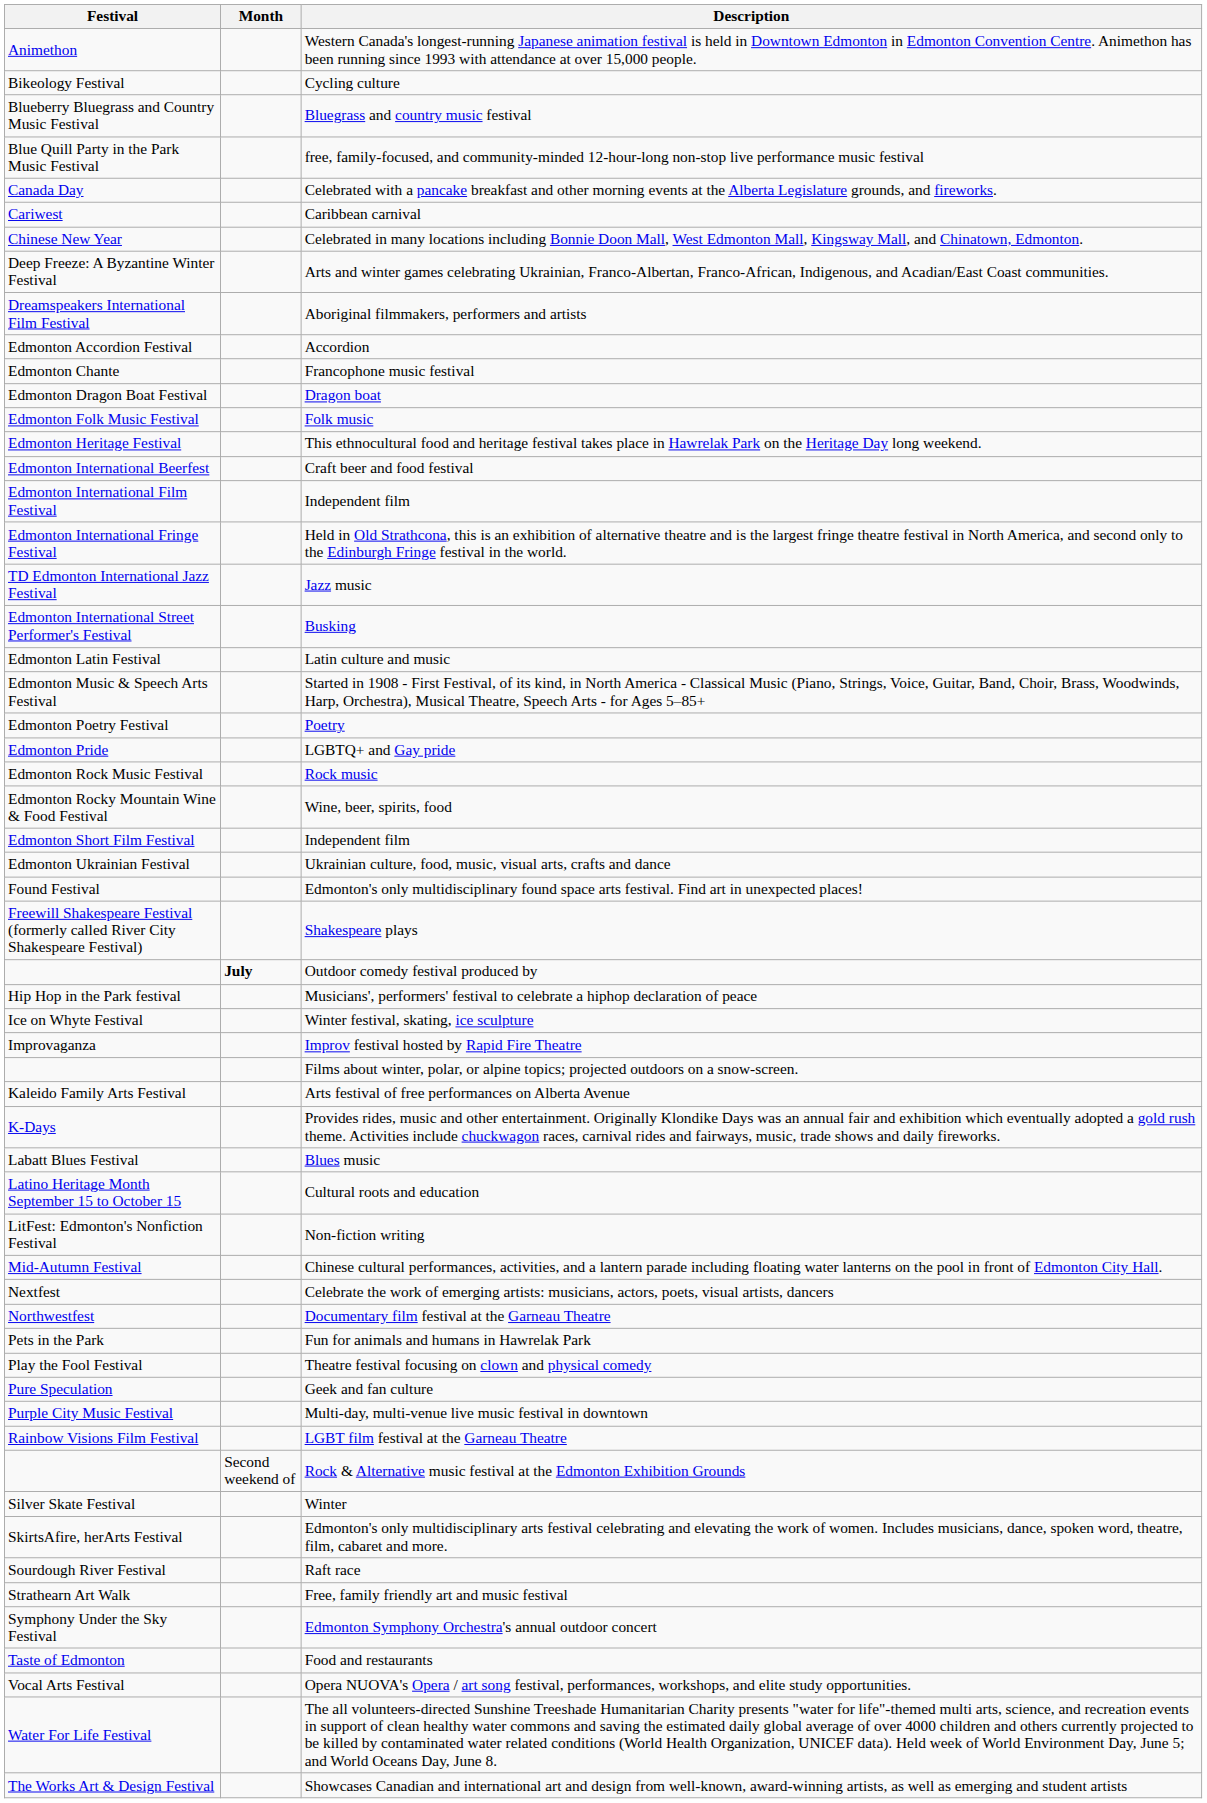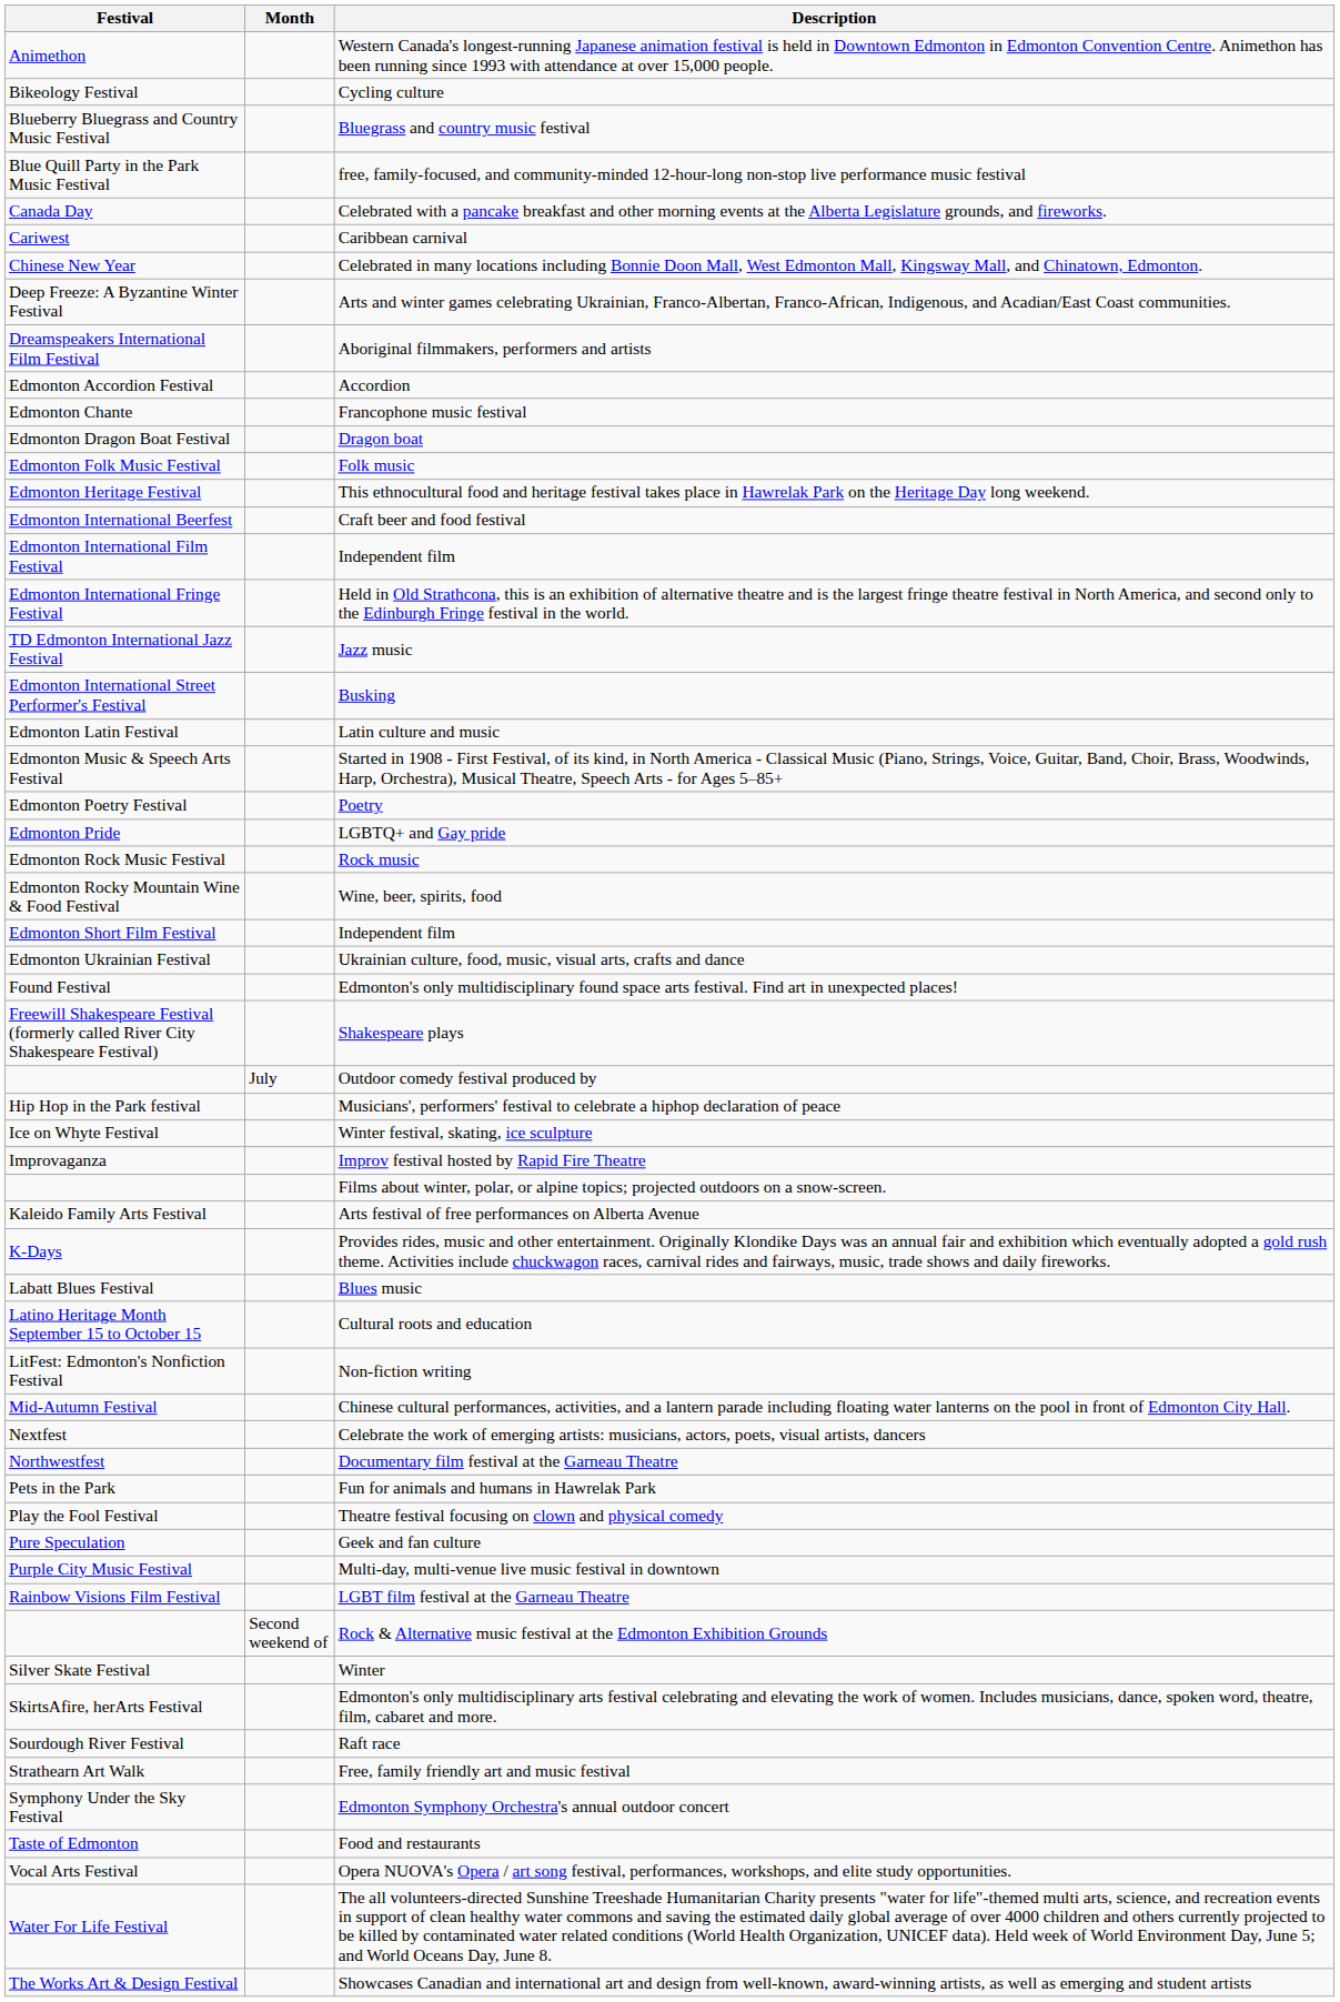 <table class="wikitable sortable">
 <tr>
 <th>Festival</th>
 <th>Month</th>
 <th>Description</th>
 </tr>
 <tr>
 <td><a href='#'>Animethon</a></td>
 <td></td>
 <td>Western Canada's longest-running <a href='#'>Japanese animation festival</a> is held in <a href='#'>Downtown Edmonton</a> in <a href='#'>Edmonton Convention Centre</a>. Animethon has been running since 1993 with attendance at over 15,000 people.</td>
 </tr>
 <tr>
 <td>Bikeology Festival</td>
 <td></td>
 <td>Cycling culture</td>
 </tr>
 <tr>
 <td>Blueberry Bluegrass and Country Music Festival</td>
 <td></td>
 <td><a href='#'>Bluegrass</a> and <a href='#'>country music</a> festival</td>
 </tr>
 <tr>
 <td>Blue Quill Party in the Park Music Festival</td>
 <td></td>
 <td>free, family-focused, and community-minded 12-hour-long non-stop live performance music festival</td>
 </tr>
 <tr>
 <td><a href='#'>Canada Day</a></td>
 <td></td>
 <td>Celebrated with a <a href='#'>pancake</a> breakfast and other morning events at the <a href='#'>Alberta Legislature</a> grounds, and <a href='#'>fireworks</a>.</td>
 </tr>
 <tr>
 <td><a href='#'>Cariwest</a></td>
 <td></td>
 <td>Caribbean carnival</td>
 </tr>
 <tr>
 <td><a href='#'>Chinese New Year</a></td>
 <td></td>
 <td>Celebrated in many locations including <a href='#'>Bonnie Doon Mall</a>, <a href='#'>West Edmonton Mall</a>, <a href='#'>Kingsway Mall</a>, and <a href='#'>Chinatown, Edmonton</a>.</td>
 </tr>
 <tr>
 <td>Deep Freeze: A Byzantine Winter Festival</td>
 <td></td>
 <td>Arts and winter games celebrating Ukrainian, Franco-Albertan, Franco-African, Indigenous, and Acadian/East Coast communities.</td>
 </tr>
 <tr>
 <td><a href='#'>Dreamspeakers International Film Festival</a></td>
 <td></td>
 <td>Aboriginal filmmakers, performers and artists</td>
 </tr>
 <tr JULY- 16th DANCING IN THE PARK>
 <td>Edmonton Accordion Festival</td>
 <td></td>
 <td>Accordion</td>
 </tr>
 <tr>
 <td>Edmonton Chante</td>
 <td></td>
 <td>Francophone music festival</td>
 </tr>
 <tr>
 <td>Edmonton Dragon Boat Festival</td>
 <td></td>
 <td><a href='#'>Dragon boat</a></td>
 </tr>
 <tr>
 <td><a href='#'>Edmonton Folk Music Festival</a></td>
 <td></td>
 <td><a href='#'>Folk music</a></td>
 </tr>
 <tr>
 <td><a href='#'>Edmonton Heritage Festival</a></td>
 <td></td>
 <td>This ethnocultural food and heritage festival takes place in <a href='#'>Hawrelak Park</a> on the <a href='#'>Heritage Day</a> long weekend.</td>
 </tr>
 <tr>
 <td><a href='#'>Edmonton International Beerfest</a></td>
 <td></td>
 <td>Craft beer and food festival</td>
 </tr>
 <tr>
 <td><a href='#'>Edmonton International Film Festival</a></td>
 <td></td>
 <td>Independent film</td>
 </tr>
 <tr>
 <td><a href='#'>Edmonton International Fringe Festival</a></td>
 <td></td>
 <td>Held in <a href='#'>Old Strathcona</a>, this is an exhibition of alternative theatre and is the largest fringe theatre festival in North America, and second only to the <a href='#'>Edinburgh Fringe</a> festival in the world.</td>
 </tr>
 <tr>
 <td><a href='#'>TD Edmonton International Jazz Festival</a></td>
 <td></td>
 <td><a href='#'>Jazz</a> music</td>
 </tr>
 <tr>
 <td><a href='#'>Edmonton International Street Performer's Festival</a></td>
 <td></td>
 <td><a href='#'>Busking</a></td>
 </tr>
 <tr>
 <td>Edmonton Latin Festival</td>
 <td></td>
 <td>Latin culture and music</td>
 </tr>
 <tr>
 <td>Edmonton Music & Speech Arts Festival</td>
 <td></td>
 <td>Started in 1908 - First Festival, of its kind, in North America - Classical Music (Piano, Strings, Voice, Guitar, Band, Choir, Brass, Woodwinds, Harp, Orchestra), Musical Theatre, Speech Arts - for Ages 5–85+</td>
 </tr>
 <tr>
 <td>Edmonton Poetry Festival</td>
 <td></td>
 <td><a href='#'>Poetry</a></td>
 </tr>
 <tr>
 <td><a href='#'>Edmonton Pride</a></td>
 <td></td>
 <td>LGBTQ+ and <a href='#'>Gay pride</a></td>
 </tr>
 <tr>
 <td>Edmonton Rock Music Festival</td>
 <td></td>
 <td><a href='#'>Rock music</a></td>
 </tr>
 <tr>
 <td>Edmonton Rocky Mountain Wine & Food Festival</td>
 <td></td>
 <td>Wine, beer, spirits, food</td>
 </tr>
 <tr>
 <td><a href='#'>Edmonton Short Film Festival</a></td>
 <td></td>
 <td>Independent film</td>
 </tr>
 <tr>
 <td>Edmonton Ukrainian Festival</td>
 <td></td>
 <td>Ukrainian culture, food, music, visual arts, crafts and dance</td>
 </tr>
 <tr>
 <td>Found Festival</td>
 <td></td>
 <td>Edmonton's only multidisciplinary found space arts festival. Find art in unexpected places!</td>
 </tr>
 <tr>
 <td><a href='#'>Freewill Shakespeare Festival</a> (formerly called River City Shakespeare Festival)</td>
 <td></td>
 <td><a href='#'>Shakespeare</a> plays</td>
 </tr>
 <tr>
 <td></td>
-<td><strong>July</strong></td>
+<td>July</td>
 <td>Outdoor comedy festival produced by </td>
 </tr>
 <tr>
 <td>Hip Hop in the Park festival</td>
 <td></td>
 <td>Musicians', performers' festival to celebrate a hiphop declaration of peace</td>
 </tr>
 <tr>
 <td>Ice on Whyte Festival</td>
 <td></td>
 <td>Winter festival, skating, <a href='#'>ice sculpture</a></td>
 </tr>
 <tr>
 <td>Improvaganza</td>
 <td></td>
 <td><a href='#'>Improv</a> festival hosted by <a href='#'>Rapid Fire Theatre</a></td>
 </tr>
 <tr>
 <td></td>
 <td></td>
 <td>Films about winter, polar, or alpine topics; projected outdoors on a snow-screen.</td>
 </tr>
 <tr>
 <td>Kaleido Family Arts Festival</td>
 <td></td>
 <td>Arts festival of free performances on Alberta Avenue</td>
 </tr>
 <tr>
 <td><a href='#'>K-Days</a></td>
 <td></td>
 <td>Provides rides, music and other entertainment. Originally Klondike Days was an annual fair and exhibition which eventually adopted a <a href='#'>gold rush</a> theme. Activities include <a href='#'>chuckwagon</a> races, carnival rides and fairways, music, trade shows and daily fireworks.</td>
 </tr>
 <tr>
 <td>Labatt Blues Festival</td>
 <td></td>
 <td><a href='#'>Blues</a> music</td>
 </tr>
 <tr>
 <td><a href='#'>Latino Heritage Month September 15 to October 15</a></td>
 <td></td>
 <td>Cultural roots and education</td>
 </tr>
 <tr>
 <td>LitFest: Edmonton's Nonfiction Festival</td>
 <td></td>
 <td>Non-fiction writing</td>
 </tr>
 <tr>
 <td><a href='#'>Mid-Autumn Festival</a></td>
 <td></td>
 <td>Chinese cultural performances, activities, and a lantern parade including floating water lanterns on the pool in front of <a href='#'>Edmonton City Hall</a>.</td>
 </tr>
 <tr>
 <td>Nextfest</td>
 <td></td>
 <td>Celebrate the work of emerging artists:  musicians, actors, poets, visual artists, dancers</td>
 </tr>
 <tr>
 <td><a href='#'>Northwestfest</a></td>
 <td></td>
 <td><a href='#'>Documentary film</a> festival at the <a href='#'>Garneau Theatre</a></td>
 </tr>
 <tr>
 <td>Pets in the Park</td>
 <td></td>
 <td>Fun for animals and humans in Hawrelak Park</td>
 </tr>
 <tr>
 <td>Play the Fool Festival</td>
 <td></td>
 <td>Theatre festival focusing on <a href='#'>clown</a> and <a href='#'>physical comedy</a></td>
 </tr>
 <tr>
 <td><a href='#'>Pure Speculation</a></td>
 <td></td>
 <td>Geek and fan culture</td>
 </tr>
 <tr>
 <td><a href='#'>Purple City Music Festival</a></td>
 <td></td>
 <td>Multi-day, multi-venue live music festival in downtown</td>
 </tr>
 <tr>
 <td><a href='#'>Rainbow Visions Film Festival</a></td>
 <td></td>
 <td><a href='#'>LGBT film</a> festival at the <a href='#'>Garneau Theatre</a></td>
 </tr>
 <tr>
 <td></td>
 <td>Second weekend of </td>
 <td><a href='#'>Rock</a> & <a href='#'>Alternative</a> music festival at the <a href='#'>Edmonton Exhibition Grounds</a></td>
 </tr>
 <tr>
 <td>Silver Skate Festival</td>
 <td></td>
 <td>Winter</td>
 </tr>
 <tr>
 <td>SkirtsAfire, herArts Festival</td>
 <td></td>
 <td>Edmonton's only multidisciplinary arts festival celebrating and elevating the work of women. Includes musicians, dance, spoken word, theatre, film, cabaret and more.</td>
 </tr>
 <tr>
 <td>Sourdough River Festival</td>
 <td></td>
 <td>Raft race</td>
 </tr>
 <tr>
 <td>Strathearn Art Walk</td>
 <td></td>
 <td>Free, family friendly art and music festival</td>
 </tr>
 <tr>
 <td>Symphony Under the Sky Festival</td>
 <td></td>
 <td><a href='#'>Edmonton Symphony Orchestra</a>'s annual outdoor concert</td>
 </tr>
 <tr>
 <td><a href='#'>Taste of Edmonton</a></td>
 <td></td>
 <td>Food and restaurants</td>
 </tr>
 <tr>
 <td>Vocal Arts Festival</td>
 <td></td>
 <td>Opera NUOVA's <a href='#'>Opera</a> / <a href='#'>art song</a> festival, performances, workshops, and elite study opportunities.</td>
 </tr>
 <tr>
 <td><a href='#'>Water For Life Festival</a></td>
 <td></td>
 <td>The all volunteers-directed Sunshine Treeshade Humanitarian Charity presents "water for life"-themed multi arts, science, and recreation events in support of clean healthy water commons and saving the estimated daily global average of over 4000 children and others currently projected to be killed by contaminated water related conditions (World Health Organization, UNICEF data). Held week of World Environment Day, June 5; and World Oceans Day, June 8.</td>
 </tr>
 <tr>
 <td><a href='#'>The Works Art & Design Festival</a></td>
 <td></td>
 <td>Showcases Canadian and international art and design from well-known, award-winning artists, as well as emerging and student artists</td>
 </tr>
 </table>
